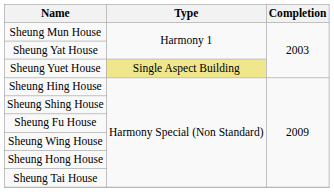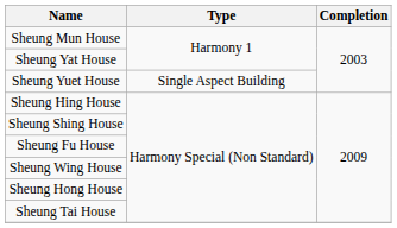 <table class="wikitable" style="text-align: center">
 <tr>
 <th>Name</th>
 <th>Type</th>
 <th>Completion</th>
 </tr>
 <tr>
 <td>Sheung Mun House</td>
 <td rowspan="2">Harmony 1</td>
 <td rowspan="3">2003</td>
 </tr>
 <tr>
 <td>Sheung Yat House</td>
 </tr>
 <tr>
 <td>Sheung Yuet House</td>
-<td style="background: khaki;">Single Aspect Building</td>
+<td>Single Aspect Building</td>
 </tr>
 <tr>
 <td>Sheung Hing House</td>
 <td rowspan="6">Harmony Special (Non Standard)</td>
 <td rowspan="6">2009</td>
 </tr>
 <tr>
 <td>Sheung Shing House</td>
 </tr>
 <tr>
 <td>Sheung Fu House</td>
 </tr>
 <tr>
 <td>Sheung Wing House</td>
 </tr>
 <tr>
 <td>Sheung Hong House</td>
 </tr>
 <tr>
 <td>Sheung Tai House</td>
 </tr>
 <tr>
 </tr>
 </table>
